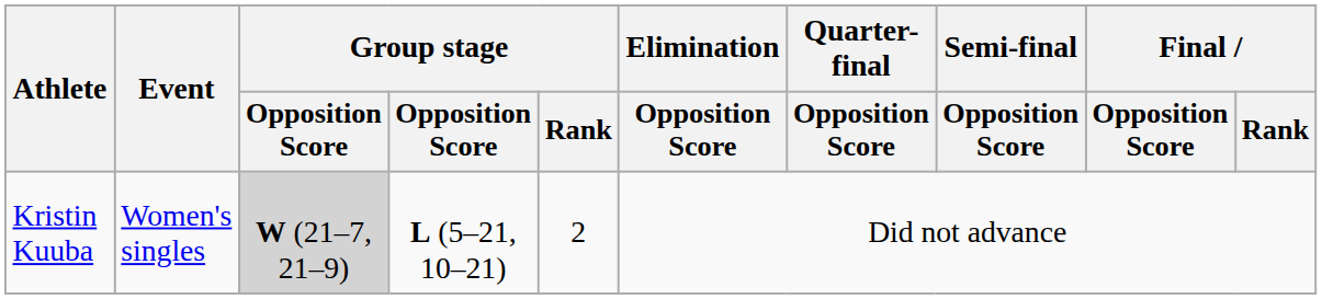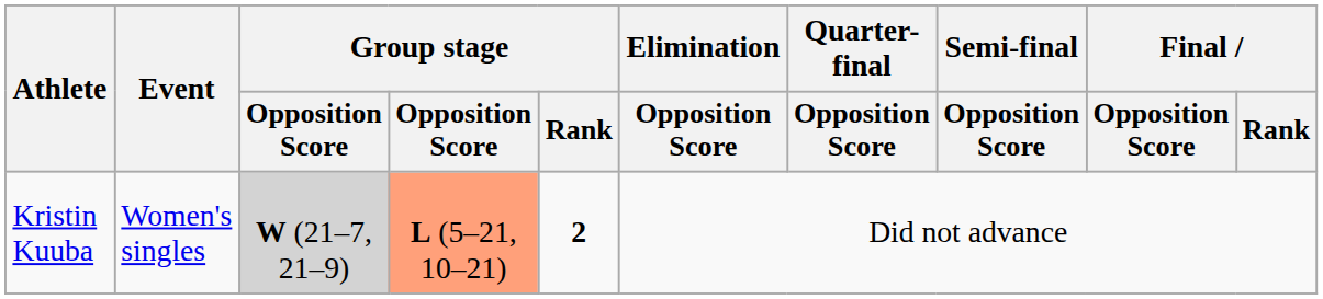 <table class="wikitable" style="font-size:90%">
 <tr>
 <th rowspan="2">Athlete</th>
 <th rowspan="2">Event</th>
 <th colspan="3">Group stage</th>
 <th>Elimination</th>
 <th>Quarter-final</th>
 <th>Semi-final</th>
 <th colspan="2">Final / </th>
 </tr>
 <tr style="font-size:95%">
 <th>Opposition<br>Score</th>
 <th>Opposition<br>Score</th>
 <th>Rank</th>
 <th>Opposition<br>Score</th>
 <th>Opposition<br>Score</th>
 <th>Opposition<br>Score</th>
 <th>Opposition<br>Score</th>
 <th>Rank</th>
 </tr>
 <tr align=center>
 <td align=left><a href='#'>Kristin Kuuba</a></td>
 <td align=left><a href='#'>Women's singles</a></td>
 <td style="background: lightgrey;"><br><strong>W</strong> (21–7, 21–9)</td>
-<td><br><strong>L</strong> (5–21, 10–21)</td>
-<td>2</td>
+<td style="background: lightsalmon;"><br><strong>L</strong> (5–21, 10–21)</td>
+<td><strong>2</strong></td>
 <td colspan=5>Did not advance</td>
 </tr>
 </table>
